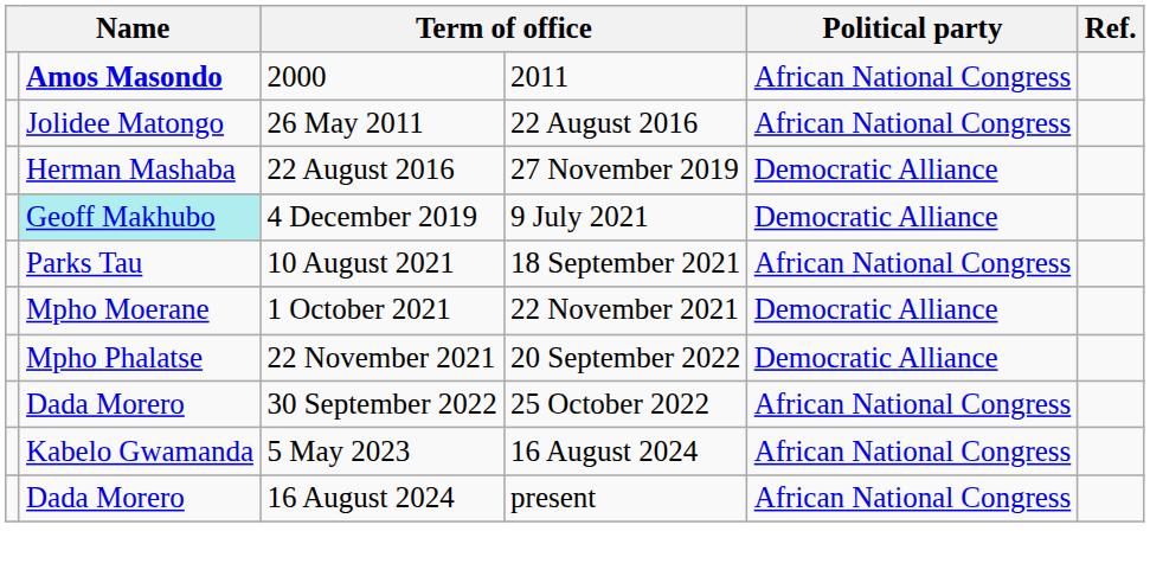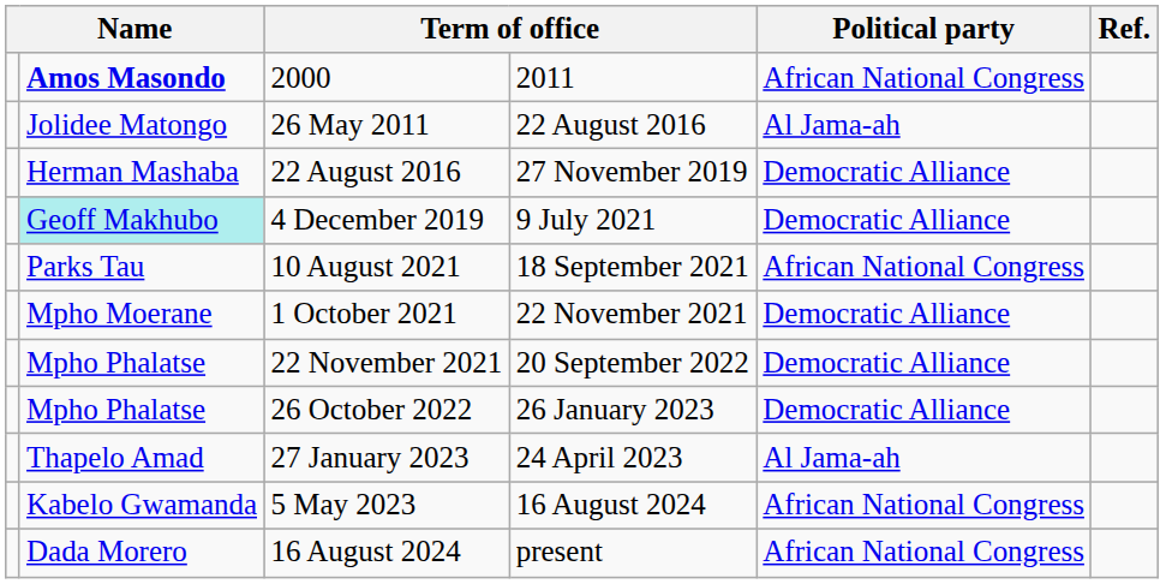 <table class="wikitable">
 <tr>
 <th colspan="2">Name</th>
 <th colspan="2">Term of office</th>
 <th>Political party</th>
 <th>Ref.</th>
 </tr>
 <tr>
 <td style="background-color: "></td>
 <td><strong><a href='#'>Amos Masondo</a></strong></td>
 <td>2000</td>
 <td>2011</td>
 <td><a href='#'>African National Congress</a></td>
 <td></td>
 </tr>
 <tr>
 <td style="background-color: "></td>
 <td><a href='#'>Jolidee Matongo</a></td>
 <td>26 May 2011</td>
 <td>22 August 2016</td>
-<td><a href='#'>African National Congress</a></td>
+<td><a href='#'>Al Jama-ah</a></td>
 <td></td>
 </tr>
 <tr>
 <td style="background-color: "></td>
 <td><a href='#'>Herman Mashaba</a></td>
 <td>22 August 2016</td>
 <td>27 November 2019</td>
 <td><a href='#'>Democratic Alliance</a></td>
 <td></td>
 </tr>
 <tr>
 <td style="background-color: "></td>
 <td style="background: paleturquoise;"><a href='#'>Geoff Makhubo</a></td>
 <td>4 December 2019</td>
 <td>9 July 2021</td>
 <td><a href='#'>Democratic Alliance</a></td>
 <td></td>
 </tr>
 <tr>
 <td style="background-color: "></td>
 <td><a href='#'>Parks Tau</a></td>
 <td>10 August 2021</td>
 <td>18 September 2021</td>
 <td><a href='#'>African National Congress</a></td>
 <td></td>
 </tr>
 <tr>
 <td style="background-color: "></td>
 <td><a href='#'>Mpho Moerane</a></td>
 <td>1 October 2021</td>
 <td>22 November 2021</td>
 <td><a href='#'>Democratic Alliance</a></td>
 <td></td>
 </tr>
 <tr>
 <td style="background-color: "></td>
 <td><a href='#'>Mpho Phalatse</a></td>
 <td>22 November 2021</td>
 <td>20 September 2022</td>
 <td><a href='#'>Democratic Alliance</a></td>
 <td></td>
 </tr>
 <tr>
 <td style="background-color: "></td>
-<td><a href='#'>Dada Morero</a></td>
-<td>30 September 2022</td>
-<td>25 October 2022</td>
-<td><a href='#'>African National Congress</a></td>
+<td><a href='#'>Mpho Phalatse</a></td>
+<td>26 October 2022</td>
+<td>26 January 2023</td>
+<td><a href='#'>Democratic Alliance</a></td>
+<td></td>
+</tr>
+<tr>
+<td style="background-color: "></td>
+<td><a href='#'>Thapelo Amad</a></td>
+<td>27 January 2023</td>
+<td>24 April 2023</td>
+<td><a href='#'>Al Jama-ah</a></td>
 <td></td>
 </tr>
 <tr>
 <td style="background-color: "></td>
 <td><a href='#'>Kabelo Gwamanda</a></td>
 <td>5 May 2023</td>
 <td>16 August 2024</td>
 <td><a href='#'>African National Congress</a></td>
 <td></td>
 </tr>
 <tr>
 <td style="background-color: "></td>
 <td><a href='#'>Dada Morero</a></td>
 <td>16 August 2024</td>
 <td>present</td>
 <td><a href='#'>African National Congress</a></td>
 <td></td>
 </tr>
 </table>
